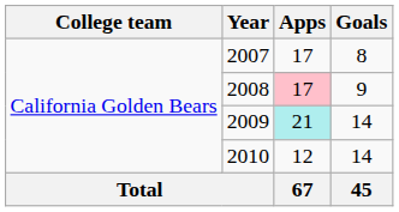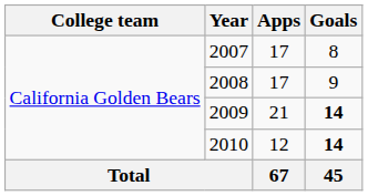 <table class="wikitable" style="text-align:center">
 <tr>
 <th>College team</th>
 <th>Year</th>
 <th>Apps</th>
 <th>Goals</th>
 </tr>
 <tr>
 <td rowspan="4"><a href='#'>California Golden Bears</a></td>
 <td>2007</td>
 <td>17</td>
 <td>8</td>
 </tr>
 <tr>
 <td>2008</td>
-<td style="background: pink;">17</td>
+<td>17</td>
 <td>9</td>
 </tr>
 <tr>
 <td>2009</td>
-<td style="background: paleturquoise;">21</td>
-<td>14</td>
+<td>21</td>
+<td><strong>14</strong></td>
 </tr>
 <tr>
 <td>2010</td>
 <td>12</td>
-<td>14</td>
+<td><strong>14</strong></td>
 </tr>
 <tr>
 <th colspan=2>Total</th>
 <th>67</th>
 <th>45</th>
 </tr>
 </table>
